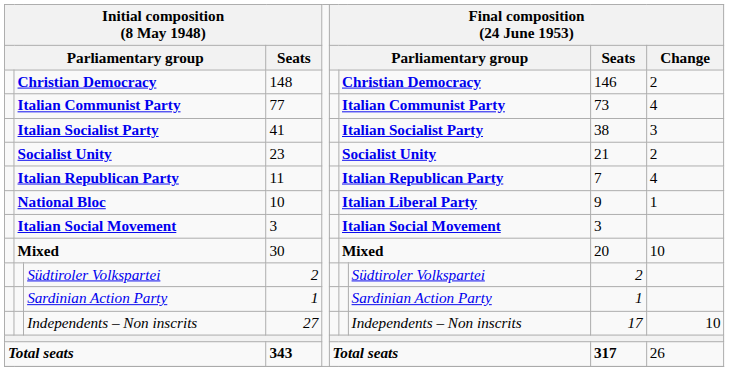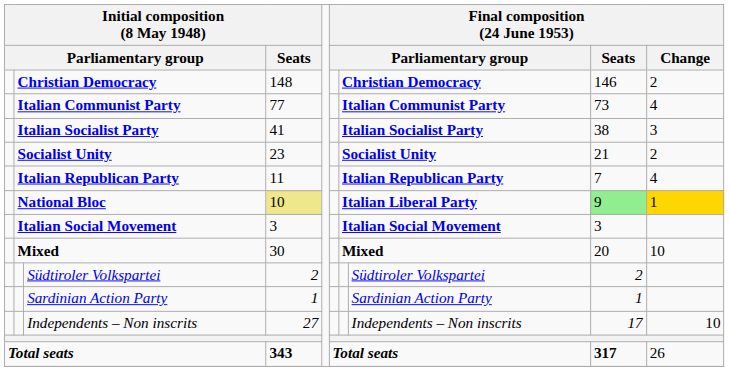 <table class="wikitable" style="width : 60%;">
 <tr>
 <th colspan="4">Initial composition<br>(8 May 1948)</th>
 <td rowspan="30" style="width : 1%;"></td>
 <th colspan="5">Final composition<br>(24 June 1953)</th>
 </tr>
 <tr>
 <th colspan="3">Parliamentary group</th>
 <th>Seats</th>
 <th colspan="3">Parliamentary group</th>
 <th>Seats</th>
 <th>Change</th>
 </tr>
 <tr>
 <td></td>
 <td colspan = "2"><strong><a href='#'>Christian Democracy</a></strong></td>
 <td>148</td>
 <td></td>
 <td colspan = "2"><strong><a href='#'>Christian Democracy</a></strong></td>
 <td>146</td>
 <td> 2</td>
 </tr>
 <tr>
 <td></td>
 <td colspan = "2"><strong><a href='#'>Italian Communist Party</a></strong></td>
 <td>77</td>
 <td></td>
 <td colspan = "2"><strong><a href='#'>Italian Communist Party</a></strong></td>
 <td>73</td>
 <td> 4</td>
 </tr>
 <tr>
 <td></td>
 <td colspan = "2"><strong><a href='#'>Italian Socialist Party</a></strong></td>
 <td>41</td>
 <td></td>
 <td colspan = "2"><strong><a href='#'>Italian Socialist Party</a></strong></td>
 <td>38</td>
 <td> 3</td>
 </tr>
 <tr>
 <td></td>
 <td colspan = "2"><strong><a href='#'>Socialist Unity</a></strong></td>
 <td>23</td>
 <td></td>
 <td colspan = "2"><strong><a href='#'>Socialist Unity</a></strong></td>
 <td>21</td>
 <td> 2</td>
 </tr>
 <tr>
 <td></td>
 <td colspan = "2"><strong><a href='#'>Italian Republican Party</a></strong></td>
 <td>11</td>
 <td></td>
 <td colspan = "2"><strong><a href='#'>Italian Republican Party</a></strong></td>
 <td>7</td>
 <td> 4</td>
 </tr>
 <tr>
 <td></td>
 <td colspan = "2"><strong><a href='#'>National Bloc</a></strong></td>
-<td>10</td>
+<td style="background: khaki;">10</td>
 <td></td>
 <td colspan = "2"><strong><a href='#'>Italian Liberal Party</a></strong></td>
-<td>9</td>
-<td> 1</td>
+<td style="background: lightgreen;">9</td>
+<td style="background: gold;"> 1</td>
 </tr>
 <tr>
 <td></td>
 <td colspan = "2"><strong><a href='#'>Italian Social Movement</a></strong></td>
 <td>3</td>
 <td></td>
 <td colspan = "2"><strong><a href='#'>Italian Social Movement</a></strong></td>
 <td>3</td>
 <td></td>
 </tr>
 <tr>
 <td></td>
 <td colspan = "2"><strong>Mixed</strong></td>
 <td>30</td>
 <td></td>
 <td colspan = "2"><strong>Mixed</strong></td>
 <td>20</td>
 <td> 10</td>
 </tr>
 <tr>
 <td></td>
 <td></td>
 <td><em><a href='#'>Südtiroler Volkspartei</a></em></td>
 <td align="right"><em>2</em></td>
 <td></td>
 <td></td>
 <td><em><a href='#'>Südtiroler Volkspartei</a></em></td>
 <td align="right"><em>2</em></td>
 <td align="right"></td>
 </tr>
 <tr>
 <td></td>
 <td></td>
 <td><em><a href='#'>Sardinian Action Party</a></em></td>
 <td align="right"><em>1</em></td>
 <td></td>
 <td></td>
 <td><em><a href='#'>Sardinian Action Party</a></em></td>
 <td align="right"><em>1</em></td>
 <td align="right"></td>
 </tr>
 <tr>
 <td></td>
 <td></td>
 <td><em>Independents – Non inscrits</em></td>
 <td align="right"><em>27</em></td>
 <td></td>
 <td></td>
 <td><em>Independents – Non inscrits</em></td>
 <td align="right"><em>17</em></td>
 <td align="right"> 10</td>
 </tr>
 <tr>
 <th colspan="4"></th>
 <th colspan="5"></th>
 </tr>
 <tr>
 <td colspan="3"><strong><em>Total seats</em></strong></td>
 <td><strong>343</strong></td>
 <td colspan="3"><strong><em>Total seats</em></strong></td>
 <td><strong>317</strong></td>
 <td> 26</td>
 </tr>
 <tr>
 </tr>
 </table>
